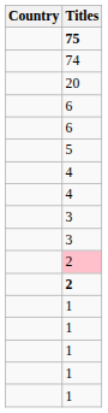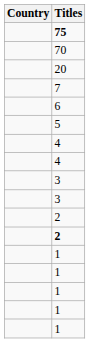 <table class="wikitable">
 <tr>
 <th>Country</th>
 <th>Titles</th>
 </tr>
 <tr>
 <td></td>
 <td><strong>75</strong></td>
 </tr>
 <tr>
 <td></td>
-<td>74</td>
+<td>70</td>
 </tr>
 <tr>
 <td></td>
 <td>20</td>
 </tr>
 <tr>
 <td></td>
-<td>6</td>
+<td>7</td>
 </tr>
 <tr>
 <td></td>
 <td>6</td>
 </tr>
 <tr>
 <td></td>
 <td>5</td>
 </tr>
 <tr>
 <td></td>
 <td>4</td>
 </tr>
 <tr>
 <td></td>
 <td>4</td>
 </tr>
 <tr>
 <td></td>
 <td>3</td>
 </tr>
 <tr>
 <td></td>
 <td>3</td>
 </tr>
 <tr>
 <td></td>
-<td style="background: pink;">2</td>
+<td>2</td>
 </tr>
 <tr>
 <td></td>
 <td><strong>2</strong></td>
 </tr>
 <tr>
 <td></td>
 <td>1</td>
 </tr>
 <tr>
 <td></td>
 <td>1</td>
 </tr>
 <tr>
 <td></td>
 <td>1</td>
 </tr>
 <tr>
 <td></td>
 <td>1</td>
 </tr>
 <tr>
 <td></td>
 <td>1</td>
 </tr>
 </table>
